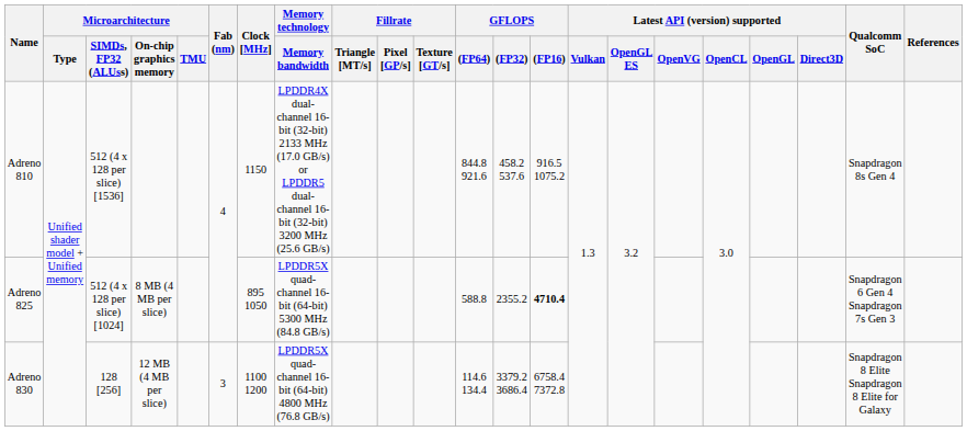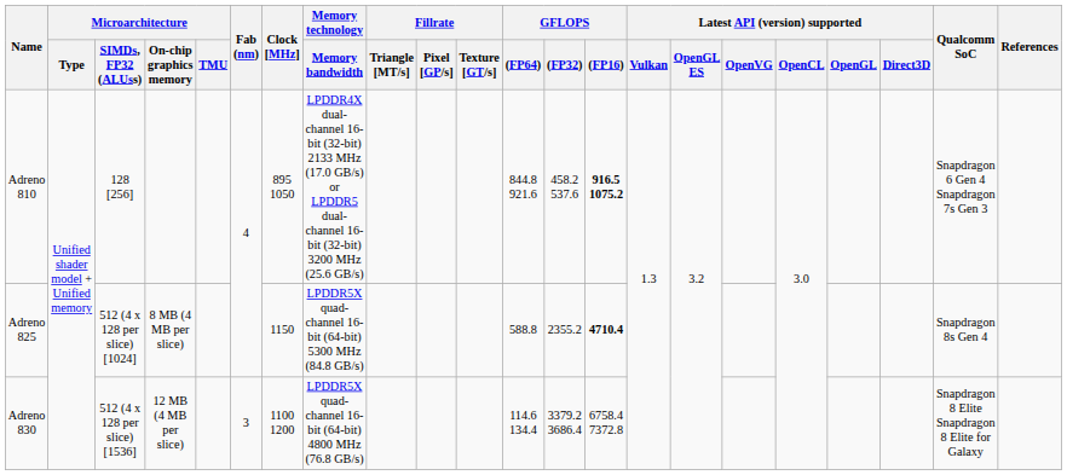 <table class="wikitable" style="font-size: 85%; text-align: center">
 <tr>
 <th rowspan="2">Name</th>
 <th colspan="4"><a href='#'>Microarchitecture</a></th>
 <th rowspan="2">Fab (<a href='#'>nm</a>)</th>
 <th rowspan="2">Clock [<a href='#'>MHz</a>]</th>
 <th><a href='#'>Memory technology</a></th>
 <th colspan="3"><a href='#'>Fillrate</a></th>
 <th colspan="3"><a href='#'>GFLOPS</a></th>
 <th colspan="6">Latest <a href='#'>API</a> (version) supported</th>
 <th rowspan="2">Qualcomm SoC</th>
 <th rowspan="2">References</th>
 </tr>
 <tr>
 <th>Type</th>
 <th><a href='#'>SIMDs</a>, <a href='#'>FP32</a><br>(<a href='#'>ALUs</a>s)<br></th>
 <th>On-chip graphics memory</th>
 <th><a href='#'>TMU</a></th>
 <th><a href='#'>Memory bandwidth</a></th>
 <th>Triangle<br>[MT/s]</th>
 <th>Pixel<br>[<a href='#'>GP</a>/s]</th>
 <th>Texture<br>[<a href='#'>GT</a>/s]</th>
 <th>(<a href='#'>FP64</a>)</th>
 <th>(<a href='#'>FP32</a>)</th>
 <th>(<a href='#'>FP16</a>)</th>
 <th><a href='#'>Vulkan</a></th>
 <th><a href='#'>OpenGL ES</a></th>
 <th><a href='#'>OpenVG</a></th>
 <th><a href='#'>OpenCL</a></th>
 <th><a href='#'>OpenGL</a></th>
 <th><a href='#'>Direct3D</a></th>
 </tr>
 <tr>
 <td>Adreno 810</td>
 <td rowspan=3><a href='#'>Unified shader model</a> + <a href='#'>Unified memory</a></td>
-<td><br>512 (4 x 128 per slice) [1536]</td>
+<td>128 [256]</td>
 <td></td>
 <td></td>
 <td rowspan=2>4</td>
-<td>1150</td>
+<td>895<br>1050</td>
 <td><a href='#'>LPDDR4X</a> dual-channel 16-bit (32-bit) 2133 MHz (17.0 GB/s)<br>or<br><a href='#'>LPDDR5</a> dual-channel 16-bit (32-bit) 3200 MHz (25.6 GB/s)</td>
 <td></td>
 <td></td>
 <td></td>
 <td>844.8<br>921.6</td>
 <td>458.2<br>537.6</td>
-<td>916.5<br>1075.2</td>
+<td><strong>916.5<br>1075.2</strong></td>
 <td rowspan=3>1.3</td>
 <td rowspan=3>3.2</td>
 <td></td>
 <td rowspan=3>3.0</td>
 <td></td>
 <td></td>
-<td>Snapdragon 8s Gen 4</td>
+<td>Snapdragon 6 Gen 4<br>Snapdragon 7s Gen 3</td>
 <td></td>
 </tr>
 <tr>
 <td>Adreno 825</td>
 <td><br>512 (4 x 128 per slice) [1024]</td>
 <td>8 MB (4 MB per slice)</td>
 <td></td>
-<td>895<br>1050</td>
+<td>1150</td>
 <td><a href='#'>LPDDR5X</a> quad-channel 16-bit (64-bit) 5300 MHz (84.8 GB/s)</td>
 <td></td>
 <td></td>
 <td></td>
 <td>588.8</td>
 <td>2355.2</td>
 <td><strong>4710.4</strong></td>
 <td></td>
 <td></td>
 <td></td>
-<td>Snapdragon 6 Gen 4<br>Snapdragon 7s Gen 3</td>
+<td>Snapdragon 8s Gen 4</td>
 <td></td>
 </tr>
 <tr>
 <td>Adreno 830</td>
-<td>128 [256]</td>
+<td><br>512 (4 x 128 per slice) [1536]</td>
 <td>12 MB (4 MB per slice)</td>
 <td></td>
 <td>3</td>
 <td>1100<br>1200</td>
 <td><a href='#'>LPDDR5X</a> quad-channel 16-bit (64-bit) 4800 MHz (76.8 GB/s)</td>
 <td></td>
 <td></td>
 <td></td>
 <td>114.6<br>134.4</td>
 <td>3379.2<br>3686.4</td>
 <td>6758.4<br>7372.8</td>
 <td></td>
 <td></td>
 <td></td>
 <td>Snapdragon 8 Elite<br>Snapdragon 8 Elite for Galaxy</td>
 <td></td>
 </tr>
 </table>
